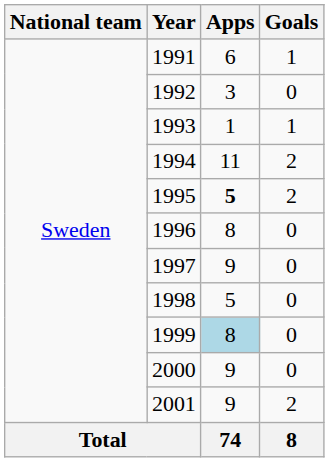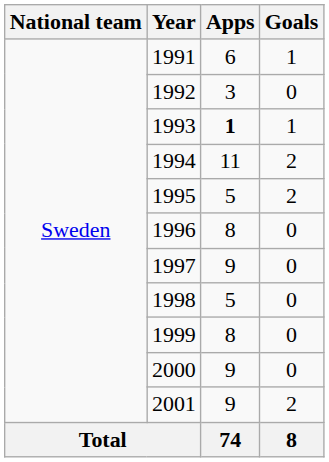 <table class="wikitable" style="text-align:center">
 <tr>
 <th>National team</th>
 <th>Year</th>
 <th>Apps</th>
 <th>Goals</th>
 </tr>
 <tr>
 <td rowspan="11"><a href='#'>Sweden</a></td>
 <td>1991</td>
 <td>6</td>
 <td>1</td>
 </tr>
 <tr>
 <td>1992</td>
 <td>3</td>
 <td>0</td>
 </tr>
 <tr>
 <td>1993</td>
-<td>1</td>
+<td><strong>1</strong></td>
 <td>1</td>
 </tr>
 <tr>
 <td>1994</td>
 <td>11</td>
 <td>2</td>
 </tr>
 <tr>
 <td>1995</td>
-<td><strong>5</strong></td>
+<td>5</td>
 <td>2</td>
 </tr>
 <tr>
 <td>1996</td>
 <td>8</td>
 <td>0</td>
 </tr>
 <tr>
 <td>1997</td>
 <td>9</td>
 <td>0</td>
 </tr>
 <tr>
 <td>1998</td>
 <td>5</td>
 <td>0</td>
 </tr>
 <tr>
 <td>1999</td>
-<td style="background: lightblue;">8</td>
+<td>8</td>
 <td>0</td>
 </tr>
 <tr>
 <td>2000</td>
 <td>9</td>
 <td>0</td>
 </tr>
 <tr>
 <td>2001</td>
 <td>9</td>
 <td>2</td>
 </tr>
 <tr>
 <th colspan="2">Total</th>
 <th>74</th>
 <th>8</th>
 </tr>
 </table>
